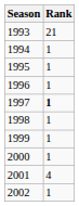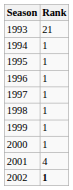 <table class="wikitable">
 <tr>
 <th>Season</th>
 <th>Rank</th>
 </tr>
 <tr>
 <td>1993</td>
 <td>21</td>
 </tr>
 <tr>
 <td>1994</td>
 <td>1</td>
 </tr>
 <tr>
 <td>1995</td>
 <td>1</td>
 </tr>
 <tr>
 <td>1996</td>
 <td>1</td>
 </tr>
 <tr>
 <td>1997</td>
-<td><strong>1</strong></td>
+<td>1</td>
 </tr>
 <tr>
 <td>1998</td>
 <td>1</td>
 </tr>
 <tr>
 <td>1999</td>
 <td>1</td>
 </tr>
 <tr>
 <td>2000</td>
 <td>1</td>
 </tr>
 <tr>
 <td>2001</td>
 <td>4</td>
 </tr>
 <tr>
 <td>2002</td>
-<td>1</td>
+<td><strong>1</strong></td>
 </tr>
 </table>
